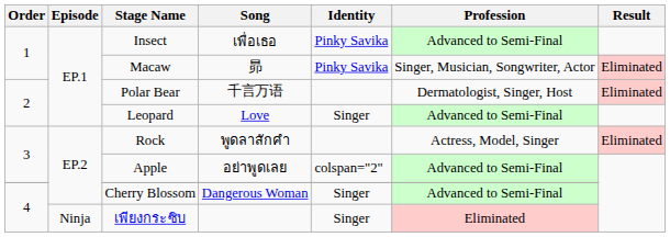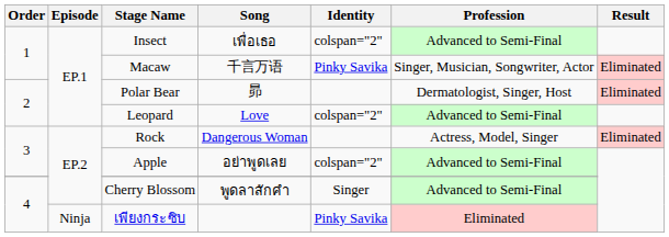 <table class="wikitable">
 <tr>
 <th>Order</th>
 <th>Episode</th>
 <th>Stage Name</th>
 <th>Song</th>
 <th>Identity</th>
 <th>Profession</th>
 <th>Result</th>
 </tr>
 <tr>
 <td rowspan="2" style="text-align:center;">1</td>
 <td rowspan="4" align="center">EP.1</td>
 <td style="text-align:center;">Insect</td>
 <td style="text-align:center;">เพื่อเธอ</td>
-<td style="text-align:center;"><a href='#'>Pinky Savika</a></td>
+<td>colspan="2"  </td>
 <td style="text-align:center; background:#ccffcc;">Advanced to Semi-Final</td>
 </tr>
 <tr>
 <td style="text-align:center;">Macaw</td>
-<td style="text-align:center;">昴</td>
+<td style="text-align:center;">千言万语</td>
 <td style="text-align:center;"><a href='#'>Pinky Savika</a></td>
 <td style="text-align:center;">Singer, Musician, Songwriter, Actor</td>
 <td style="text-align:center; background:#ffcccc;">Eliminated</td>
 </tr>
 <tr>
 <td rowspan="2" style="text-align:center;">2</td>
 <td style="text-align:center;">Polar Bear</td>
-<td style="text-align:center;">千言万语</td>
+<td style="text-align:center;">昴</td>
 <td style="text-align:center;"></td>
 <td style="text-align:center;">Dermatologist, Singer, Host</td>
 <td style="text-align:center; background:#ffcccc;">Eliminated</td>
 </tr>
 <tr>
 <td style="text-align:center;">Leopard</td>
 <td style="text-align:center;"><a href='#'>Love</a></td>
-<td style="text-align:center;">Singer</td>
+<td>colspan="2"  </td>
 <td style="text-align:center; background:#ccffcc;">Advanced to Semi-Final</td>
 </tr>
 <tr>
 <td rowspan="2" style="text-align:center;">3</td>
 <td rowspan="4" align="center">EP.2</td>
 <td style="text-align:center;">Rock</td>
-<td style="text-align:center;">พูดลาสักคำ</td>
+<td style="text-align:center;"><a href='#'>Dangerous Woman</a></td>
 <td style="text-align:center;"></td>
 <td style="text-align:center;">Actress, Model, Singer</td>
 <td style="text-align:center; background:#ffcccc;">Eliminated</td>
 </tr>
 <tr>
 <td style="text-align:center;">Apple</td>
 <td style="text-align:center;">อย่าพูดเลย</td>
 <td>colspan="2"  </td>
 <td style="text-align:center; background:#ccffcc;">Advanced to Semi-Final</td>
 </tr>
 <tr>
 </tr>
 <tr style="text-align:center;">
 <td rowspan="2">4</td>
 <td style="text-align:center;">Cherry Blossom</td>
-<td style="text-align:center;"><a href='#'>Dangerous Woman</a></td>
+<td style="text-align:center;">พูดลาสักคำ</td>
 <td style="text-align:center;">Singer</td>
 <td style="text-align:center; background:#ccffcc;">Advanced to Semi-Final</td>
 </tr>
 <tr>
 <td style="text-align:center;">Ninja</td>
 <td style="text-align:center;"><a href='#'>เพียงกระซิบ</a></td>
 <td style="text-align:center;"></td>
-<td style="text-align:center;">Singer</td>
+<td style="text-align:center;"><a href='#'>Pinky Savika</a></td>
 <td style="text-align:center; background:#ffcccc;">Eliminated</td>
 </tr>
 </table>
